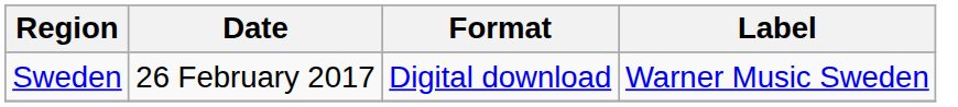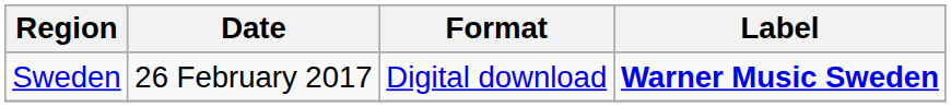 <table class=wikitable>
 <tr>
 <th>Region</th>
 <th>Date</th>
 <th>Format</th>
 <th>Label</th>
 </tr>
 <tr>
 <td><a href='#'>Sweden</a></td>
 <td>26 February 2017</td>
 <td><a href='#'>Digital download</a></td>
-<td><a href='#'>Warner Music Sweden</a></td>
+<td><strong><a href='#'>Warner Music Sweden</a></strong></td>
 </tr>
 <tr>
 </tr>
 </table>
